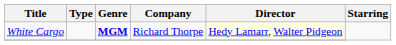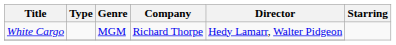 <table class="wikitable unsortable">
 <tr>
 <th>Title</th>
 <th>Type</th>
 <th>Genre</th>
 <th>Company</th>
 <th>Director</th>
 <th>Starring</th>
 </tr>
 <tr>
 <td><em><a href='#'>White Cargo</a></em></td>
 <td></td>
-<td><strong><a href='#'>MGM</a></strong></td>
+<td><a href='#'>MGM</a></td>
 <td><a href='#'>Richard Thorpe</a></td>
-<td style="background: lightyellow;"><a href='#'>Hedy Lamarr</a>, <a href='#'>Walter Pidgeon</a></td>
+<td><a href='#'>Hedy Lamarr</a>, <a href='#'>Walter Pidgeon</a></td>
 </tr>
 <tr>
 </tr>
 </table>
